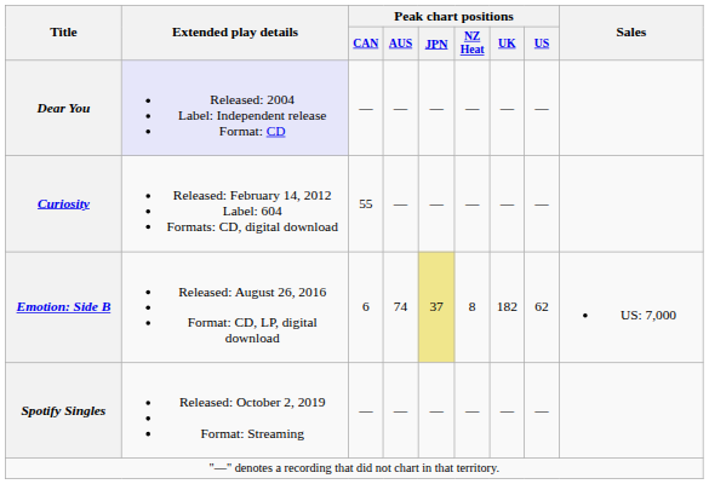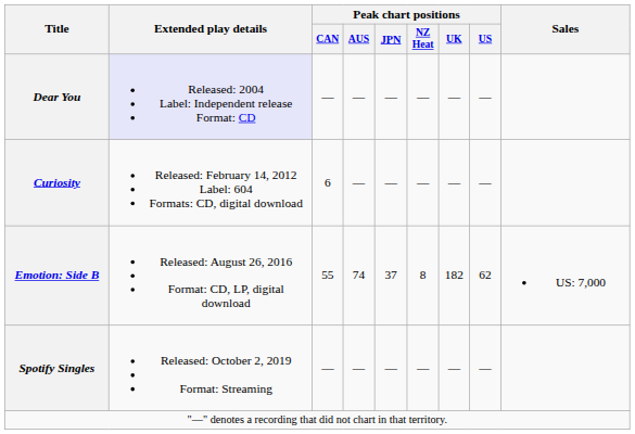 <table class="wikitable plainrowheaders" style="text-align:center;">
 <tr>
 <th scope="col" rowspan="2" style="width:8em;">Title</th>
 <th scope="col" rowspan="2" style="width:16em;">Extended play details</th>
 <th scope="col" colspan="6">Peak chart positions</th>
 <th scope="col" rowspan="2" style="width:10em;">Sales</th>
 </tr>
 <tr>
 <th scope="col" style="width:2.5em;font-size:85%;"><a href='#'>CAN</a><br></th>
 <th scope="col" style="width:2.5em;font-size:85%;"><a href='#'>AUS</a><br></th>
 <th scope="col" style="width:2.5em;font-size:90%;"><a href='#'>JPN</a><br></th>
 <th scope="col" style="width:2.5em;font-size:85%;"><a href='#'>NZ<br>Heat</a><br></th>
 <th scope="col" style="width:2.5em;font-size:85%;"><a href='#'>UK</a><br></th>
 <th scope="col" style="width:2.5em;font-size:85%;"><a href='#'>US</a><br></th>
 </tr>
 <tr>
 <th scope="row"><em>Dear You</em></th>
 <td style="background: lavender;"><br><ul><li>Released: 2004</li><li>Label: Independent release</li><li>Format: <a href='#'>CD</a></li></ul></td>
 <td>—</td>
 <td>—</td>
 <td>—</td>
 <td>—</td>
 <td>—</td>
 <td>—</td>
 <td></td>
 </tr>
 <tr>
 <th scope="row"><em><a href='#'>Curiosity</a></em></th>
 <td><br><ul><li>Released: February 14, 2012</li><li>Label: 604</li><li>Formats: CD, digital download</li></ul></td>
-<td>55</td>
+<td>6</td>
 <td>—</td>
 <td>—</td>
 <td>—</td>
 <td>—</td>
 <td>—</td>
 <td></td>
 </tr>
 <tr>
 <th scope="row"><em><a href='#'>Emotion: Side B</a></em></th>
 <td><br><ul><li>Released: August 26, 2016</li><li></li><li>Format: CD, LP, digital download</li></ul></td>
-<td>6</td>
+<td>55</td>
 <td>74</td>
-<td style="background: khaki;">37</td>
+<td>37</td>
 <td>8</td>
 <td>182</td>
 <td>62</td>
 <td><br><ul><li>US: 7,000</li></ul></td>
 </tr>
 <tr>
 <th scope="row"><em>Spotify Singles</em></th>
 <td><br><ul><li>Released: October 2, 2019</li><li></li><li>Format: Streaming</li></ul></td>
 <td>—</td>
 <td>—</td>
 <td>—</td>
 <td>—</td>
 <td>—</td>
 <td>—</td>
 <td></td>
 </tr>
 <tr>
 <td colspan="13" style="font-size:90%">"—" denotes a recording that did not chart in that territory.</td>
 </tr>
 </table>
